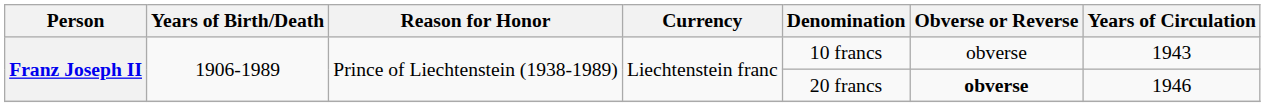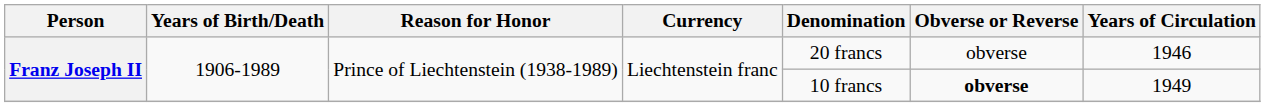 <table class="wikitable" style="font-size:95%; text-align:center;">
 <tr>
 <th>Person</th>
 <th>Years of Birth/Death</th>
 <th>Reason for Honor</th>
 <th>Currency</th>
 <th>Denomination</th>
 <th>Obverse or Reverse</th>
 <th>Years of Circulation</th>
 </tr>
 <tr>
 <th rowspan="2"><a href='#'>Franz Joseph II</a></th>
 <td rowspan="2">1906-1989</td>
 <td rowspan="2">Prince of Liechtenstein (1938-1989)</td>
 <td rowspan="2">Liechtenstein franc</td>
-<td>10 francs</td>
+<td>20 francs</td>
 <td>obverse</td>
-<td>1943</td>
+<td>1946</td>
 </tr>
 <tr>
-<td>20 francs</td>
+<td>10 francs</td>
 <td><strong>obverse</strong></td>
-<td>1946</td>
+<td>1949</td>
 </tr>
 <tr>
 </tr>
 </table>
